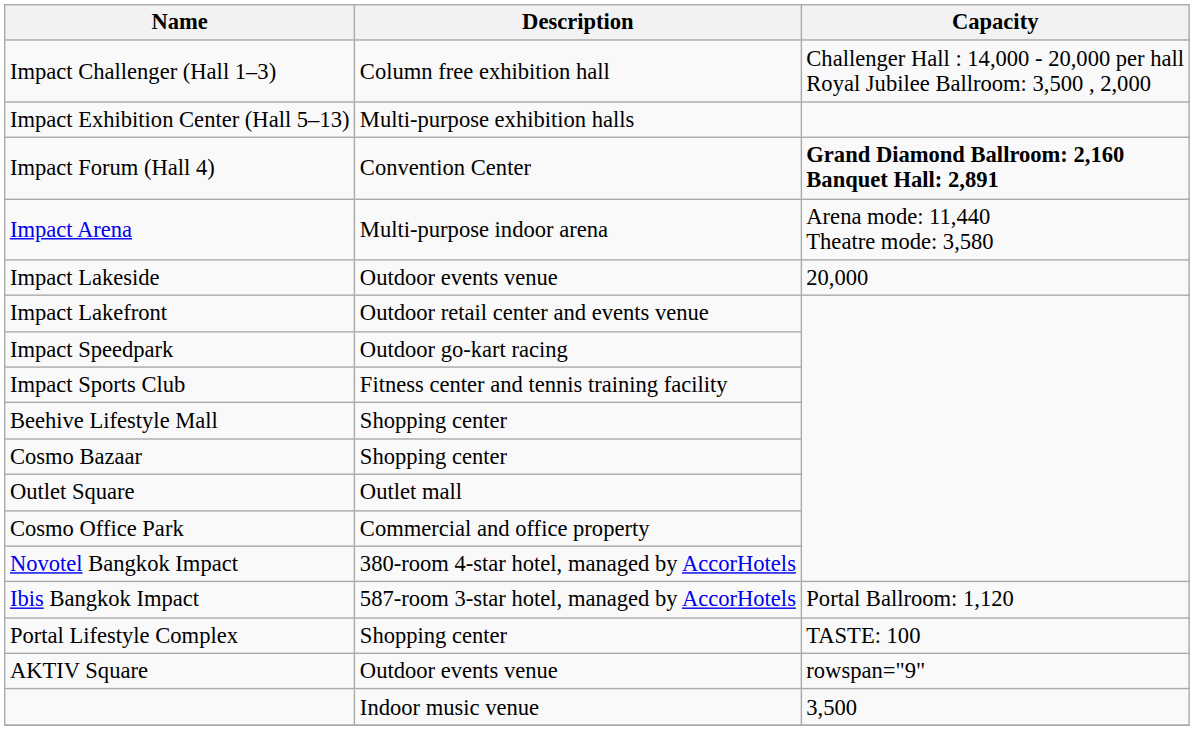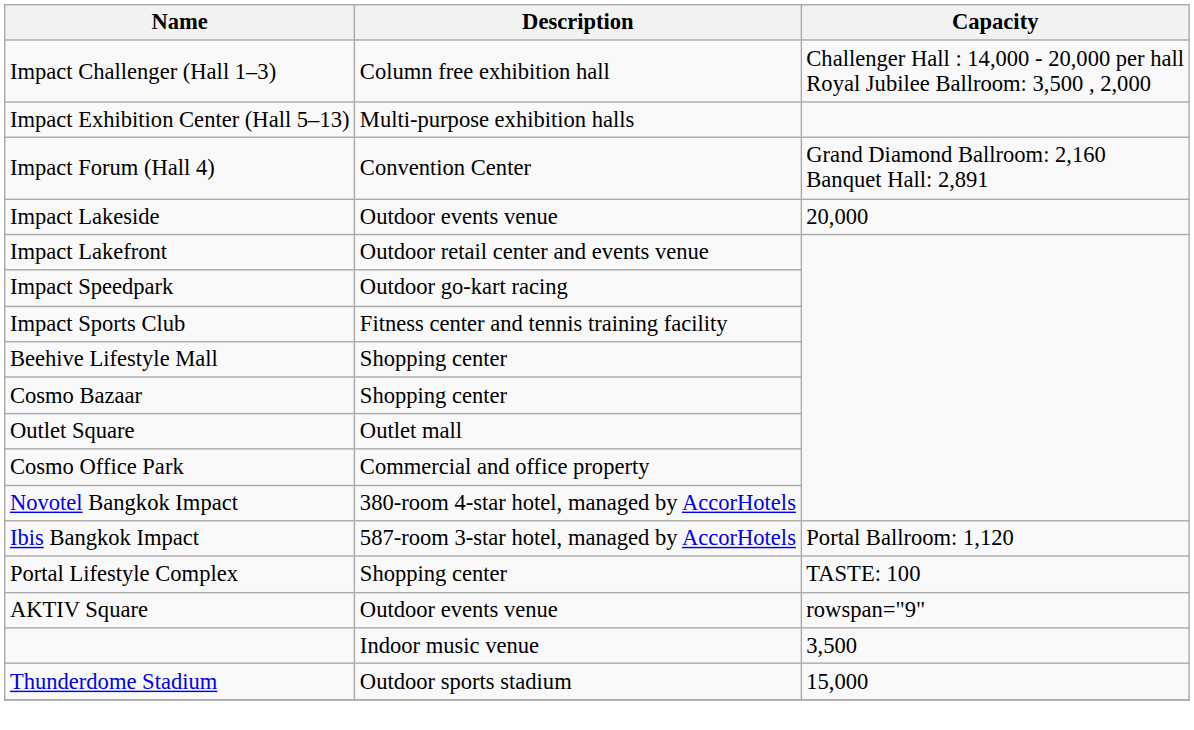 <table class="wikitable">
 <tr>
 <th>Name</th>
 <th>Description</th>
 <th>Capacity</th>
 </tr>
 <tr>
 <td>Impact Challenger (Hall 1–3)</td>
 <td>Column free exhibition hall</td>
 <td>Challenger Hall : 14,000 - 20,000 per hall<br>Royal Jubilee Ballroom: 3,500 , 2,000 </td>
 </tr>
 <tr>
 <td>Impact Exhibition Center (Hall 5–13)</td>
 <td>Multi-purpose exhibition halls</td>
 <td></td>
 </tr>
 <tr>
 <td>Impact Forum (Hall 4)</td>
 <td>Convention Center</td>
-<td><strong>Grand Diamond Ballroom: 2,160<br>Banquet Hall: 2,891</strong></td>
-</tr>
-<tr>
-<td><a href='#'>Impact Arena</a></td>
-<td>Multi-purpose indoor arena</td>
-<td>Arena mode: 11,440<br>Theatre mode: 3,580</td>
+<td>Grand Diamond Ballroom: 2,160<br>Banquet Hall: 2,891</td>
 </tr>
 <tr>
 <td>Impact Lakeside</td>
 <td>Outdoor events venue</td>
 <td>20,000</td>
 </tr>
 <tr>
 <td>Impact Lakefront</td>
 <td>Outdoor retail center and events venue</td>
 </tr>
 <tr>
 <td>Impact Speedpark</td>
 <td>Outdoor go-kart racing</td>
 </tr>
 <tr>
 <td>Impact Sports Club</td>
 <td>Fitness center and tennis training facility</td>
 </tr>
 <tr>
 <td>Beehive Lifestyle Mall</td>
 <td>Shopping center</td>
 </tr>
 <tr>
 <td>Cosmo Bazaar</td>
 <td>Shopping center</td>
 </tr>
 <tr>
 <td>Outlet Square</td>
 <td>Outlet mall</td>
 </tr>
 <tr>
 <td>Cosmo Office Park</td>
 <td>Commercial and office property</td>
 </tr>
 <tr>
 <td><a href='#'>Novotel</a> Bangkok Impact</td>
 <td>380-room 4-star hotel, managed by <a href='#'>AccorHotels</a></td>
 </tr>
 <tr>
 <td><a href='#'>Ibis</a> Bangkok Impact</td>
 <td>587-room 3-star hotel, managed by <a href='#'>AccorHotels</a></td>
 <td>Portal Ballroom: 1,120</td>
 </tr>
 <tr>
 <td>Portal Lifestyle Complex</td>
 <td>Shopping center</td>
 <td>TASTE: 100</td>
 </tr>
 <tr>
 <td>AKTIV Square</td>
 <td>Outdoor events venue</td>
 <td>rowspan="9" </td>
 </tr>
 <tr>
 <td></td>
 <td>Indoor music venue</td>
 <td>3,500</td>
 </tr>
 <tr>
+<td><a href='#'>Thunderdome Stadium</a></td>
+<td>Outdoor sports stadium</td>
+<td>15,000</td>
+</tr>
+<tr>
 </tr>
 </table>
